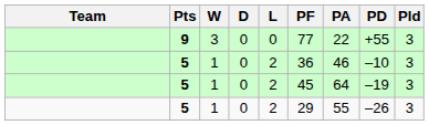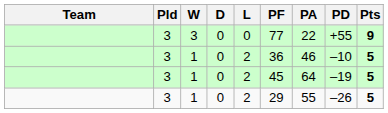 <table class="wikitable" style="text-align:center;">
 <tr>
 <th width=175>Team</th>
-<th width=25 abbr="Points">Pts</th>
+<th width=25 abbr="Played">Pld</th>
 <th width=25 abbr="Won">W</th>
 <th width=25 abbr="Drawn">D</th>
 <th width=25 abbr="Lost">L</th>
 <th width=32 abbr="Points for">PF</th>
 <th width=32 abbr="Points against">PA</th>
 <th width=32 abbr="Points difference">PD</th>
-<th width=25 abbr="Played">Pld</th>
+<th width=25 abbr="Points">Pts</th>
 </tr>
 <tr bgcolor=ccffcc>
 <td align=left></td>
-<td><strong>9</strong></td>
+<td>3</td>
 <td>3</td>
 <td>0</td>
 <td>0</td>
 <td>77</td>
 <td>22</td>
 <td>+55</td>
-<td>3</td>
+<td><strong>9</strong></td>
 </tr>
 <tr bgcolor=ccffcc>
 <td align=left></td>
-<td><strong>5</strong></td>
+<td>3</td>
 <td>1</td>
 <td>0</td>
 <td>2</td>
 <td>36</td>
 <td>46</td>
 <td>–10</td>
-<td>3</td>
+<td><strong>5</strong></td>
 </tr>
 <tr bgcolor=ccffcc>
 <td align=left></td>
-<td><strong>5</strong></td>
+<td>3</td>
 <td>1</td>
 <td>0</td>
 <td>2</td>
 <td>45</td>
 <td>64</td>
 <td>–19</td>
-<td>3</td>
+<td><strong>5</strong></td>
 </tr>
 <tr>
 <td align=left></td>
-<td><strong>5</strong></td>
+<td>3</td>
 <td>1</td>
 <td>0</td>
 <td>2</td>
 <td>29</td>
 <td>55</td>
 <td>–26</td>
-<td>3</td>
+<td><strong>5</strong></td>
 </tr>
 </table>
